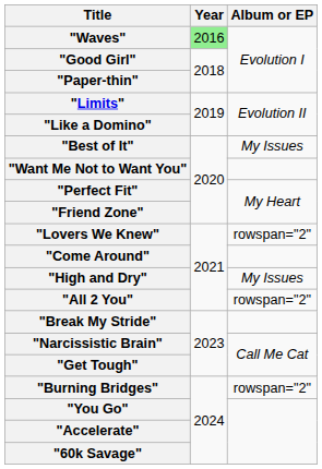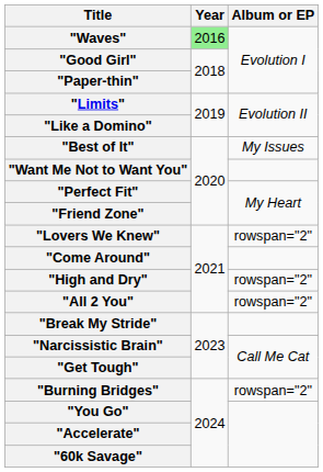 <table class="wikitable plainrowheaders" style="text-align:center;">
 <tr>
 <th scope="col" style="width:13em;">Title</th>
 <th scope="col">Year</th>
 <th scope="col">Album or EP</th>
 </tr>
 <tr>
 <th scope="row">"Waves"</th>
 <td style="background: lightgreen;">2016</td>
 <td rowspan="3"><em>Evolution I</em></td>
 </tr>
 <tr>
 <th scope="row">"Good Girl"</th>
 <td rowspan="2">2018</td>
 </tr>
 <tr>
 <th scope="row">"Paper-thin"</th>
 </tr>
 <tr>
 <th scope="row">"<a href='#'>Limits</a>"</th>
 <td rowspan="2">2019</td>
 <td rowspan="2"><em>Evolution II</em></td>
 </tr>
 <tr>
 <th scope="row">"Like a Domino"</th>
 </tr>
 <tr>
 <th scope="row">"Best of It"</th>
 <td rowspan="4">2020</td>
 <td><em>My Issues</em></td>
 </tr>
 <tr>
 <th scope="row">"Want Me Not to Want You"</th>
 </tr>
 <tr>
 <th scope="row">"Perfect Fit"</th>
 <td rowspan="2"><em>My Heart</em></td>
 </tr>
 <tr>
 <th scope="row">"Friend Zone"</th>
 </tr>
 <tr>
 <th scope="row">"Lovers We Knew"</th>
 <td rowspan="4">2021</td>
 <td>rowspan="2" </td>
 </tr>
 <tr>
 <th scope="row">"Come Around"<br></th>
 <td></td>
 </tr>
 <tr>
 <th scope="row">"High and Dry"</th>
-<td><em>My Issues</em></td>
+<td>rowspan="2" </td>
 </tr>
 <tr>
 <th scope="row">"All 2 You"<br></th>
 <td>rowspan="2" </td>
 </tr>
 <tr>
 <th scope="row">"Break My Stride"</th>
 <td rowspan="3">2023</td>
 </tr>
 <tr>
 <th scope="row">"Narcissistic Brain"</th>
 <td rowspan="2"><em>Call Me Cat</em></td>
 </tr>
 <tr>
 <th scope="row">"Get Tough"</th>
 </tr>
 <tr>
 <th scope="row">"Burning Bridges"</th>
 <td rowspan="4">2024</td>
 <td>rowspan="2" </td>
 </tr>
 <tr>
 <th scope="row">"You Go"</th>
 </tr>
 <tr>
 <th scope="row">"Accelerate"</th>
 </tr>
 <tr>
 <th scope="row">"60k Savage"</th>
 </tr>
 </table>
